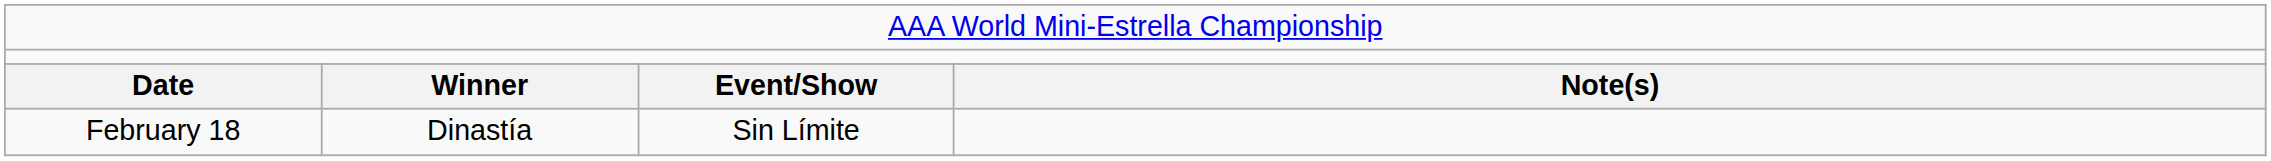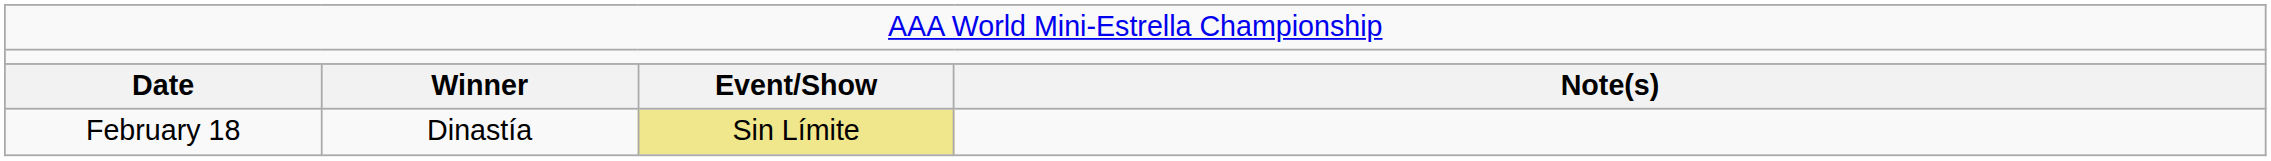 <table class="wikitable" style="text-align:center; width:100%;">
 <tr>
 <td colspan="5"><a href='#'>AAA World Mini-Estrella Championship</a></td>
 </tr>
 <tr>
 <td colspan="5"><strong></strong></td>
 </tr>
 <tr>
 <th width="14%">Date</th>
 <th width="14%">Winner</th>
 <th width="14%">Event/Show</th>
 <th width="58%">Note(s)</th>
 </tr>
 <tr>
 <td>February 18</td>
 <td>Dinastía</td>
-<td>Sin Límite</td>
+<td style="background: khaki;">Sin Límite</td>
 <td align="left"></td>
 </tr>
 </table>
